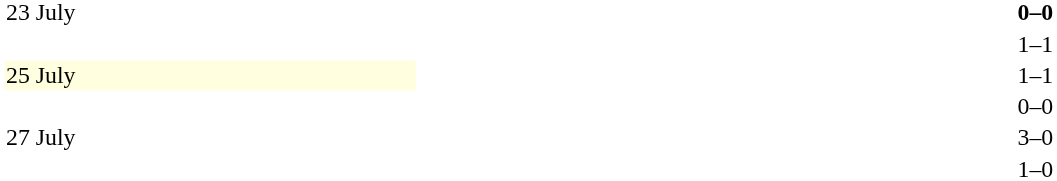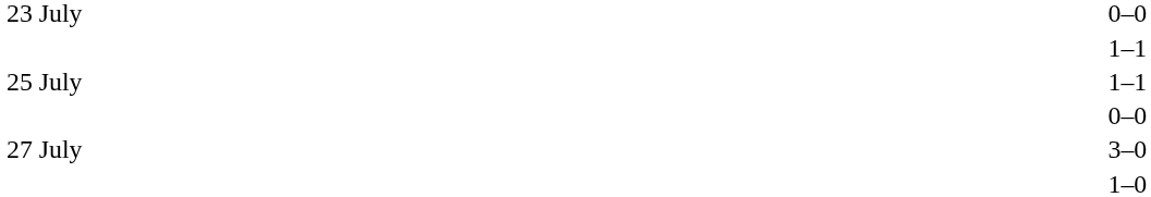 <table cellspacing=1 width=70%>
 <tr>
 <th width=25%></th>
 <th width=30%></th>
 <th width=15%></th>
 <th width=30%></th>
 </tr>
 <tr>
 <td>23 July</td>
 <td align=right></td>
-<td align=center><strong>0–0</strong></td>
+<td align=center>0–0</td>
 <td></td>
 </tr>
 <tr>
 <td></td>
 <td align=right></td>
 <td align=center>1–1</td>
 <td></td>
 </tr>
 <tr>
-<td style="background: lightyellow;">25 July</td>
+<td>25 July</td>
 <td align=right></td>
 <td align=center>1–1</td>
 <td></td>
 </tr>
 <tr>
 <td></td>
 <td align=right></td>
 <td align=center>0–0</td>
 <td></td>
 </tr>
 <tr>
 <td>27 July</td>
 <td align=right></td>
 <td align=center>3–0</td>
 <td></td>
 </tr>
 <tr>
 <td></td>
 <td align=right></td>
 <td align=center>1–0</td>
 <td></td>
 </tr>
 </table>
